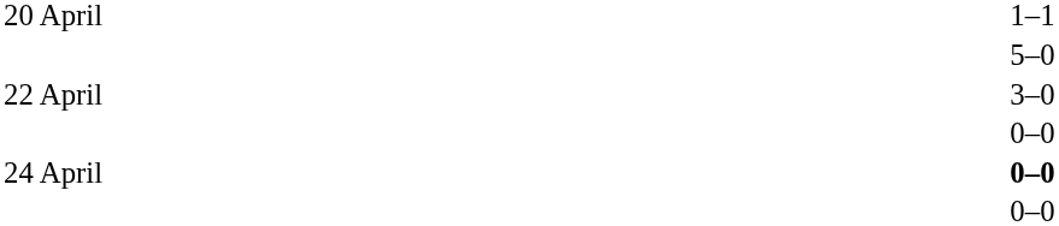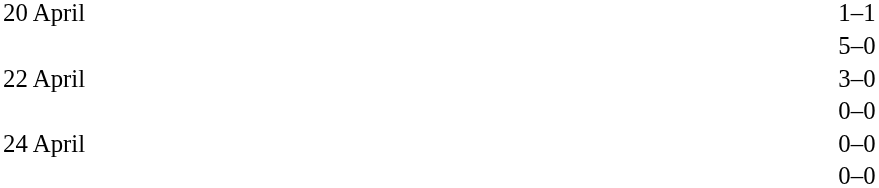 <table cellspacing=1 width=70%>
 <tr>
 <th width=25%></th>
 <th width=30%></th>
 <th width=15%></th>
 <th width=30%></th>
 </tr>
 <tr>
 <td>20 April</td>
 <td align=right></td>
 <td align=center>1–1</td>
 <td></td>
 </tr>
 <tr>
 <td></td>
 <td align=right></td>
 <td align=center>5–0</td>
 <td></td>
 </tr>
 <tr>
 <td>22 April</td>
 <td align=right></td>
 <td align=center>3–0</td>
 <td></td>
 </tr>
 <tr>
 <td></td>
 <td align=right></td>
 <td align=center>0–0</td>
 <td></td>
 </tr>
 <tr>
 <td>24 April</td>
 <td align=right></td>
-<td align=center><strong>0–0</strong></td>
+<td align=center>0–0</td>
 <td></td>
 </tr>
 <tr>
 <td></td>
 <td align=right></td>
 <td align=center>0–0</td>
 <td></td>
 </tr>
 </table>
